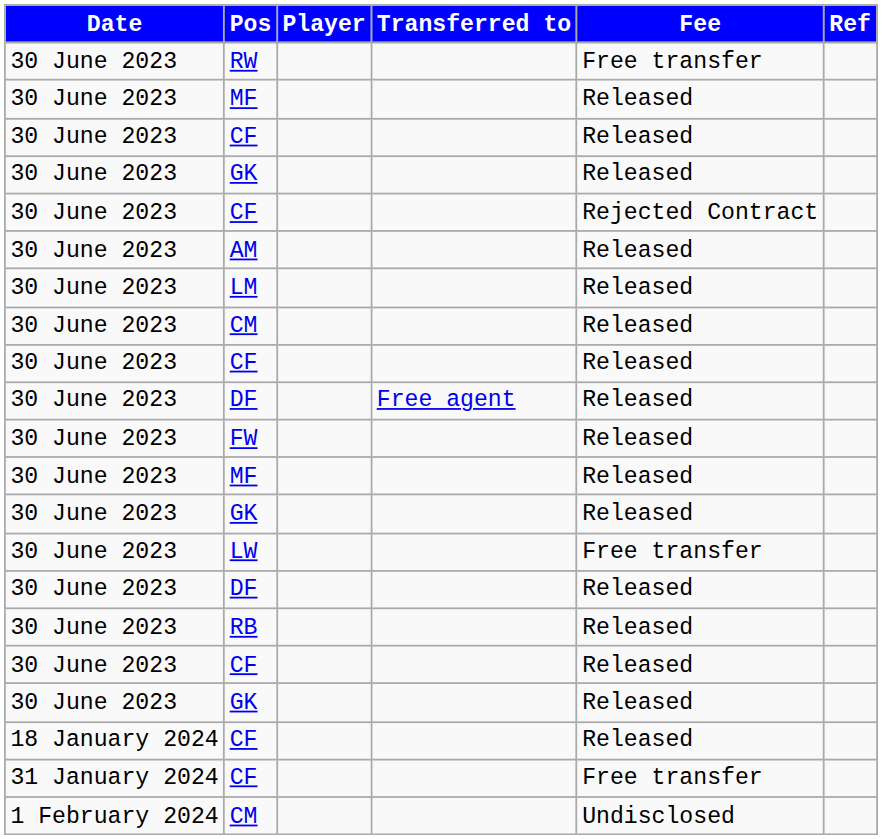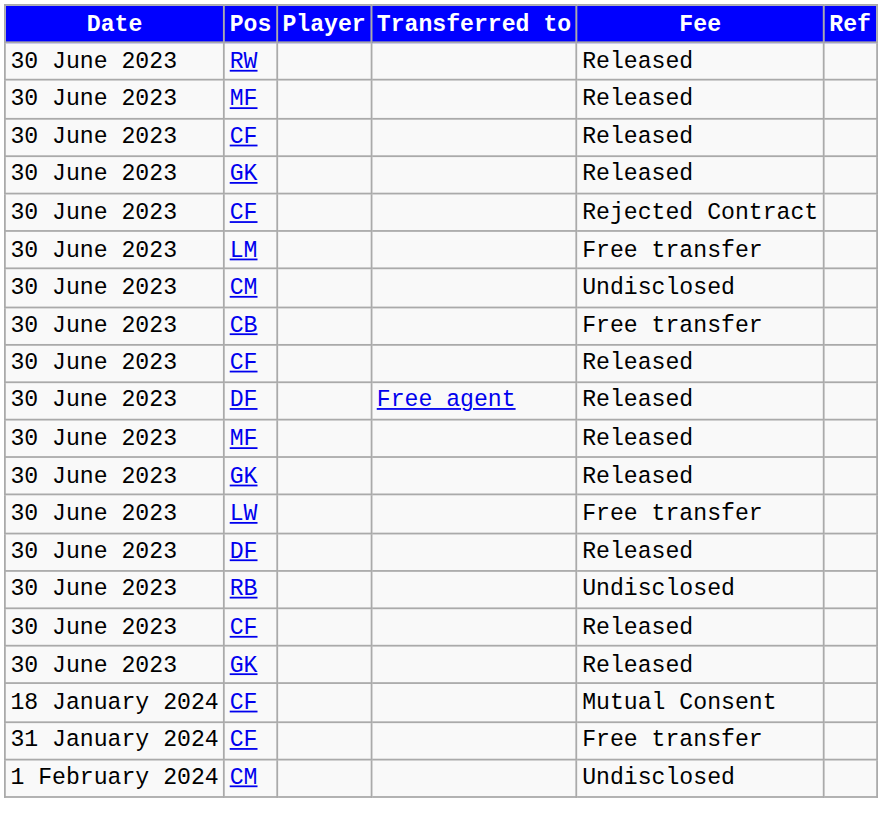 <table class="wikitable plainrowheaders sortable">
 <tr>
 <th style="background:#0000FF;color:white;">Date</th>
 <th style="background:#0000FF;color:white;">Pos</th>
 <th style="background:#0000FF;color:white;">Player</th>
 <th style="background:#0000FF;color:white;">Transferred to</th>
 <th style="background:#0000FF;color:white;">Fee</th>
 <th style="background:#0000FF;color:white;">Ref</th>
 </tr>
 <tr>
 <td>30 June 2023</td>
 <td><a href='#'>RW</a></td>
 <td></td>
 <td></td>
-<td>Free transfer</td>
+<td>Released</td>
 <td></td>
 </tr>
 <tr>
 <td>30 June 2023</td>
 <td><a href='#'>MF</a></td>
 <td></td>
 <td></td>
 <td>Released</td>
 <td></td>
 </tr>
 <tr>
 <td>30 June 2023</td>
 <td><a href='#'>CF</a></td>
 <td></td>
 <td></td>
 <td>Released</td>
 <td></td>
 </tr>
 <tr>
 <td>30 June 2023</td>
 <td><a href='#'>GK</a></td>
 <td></td>
 <td></td>
 <td>Released</td>
 <td></td>
 </tr>
 <tr>
 <td>30 June 2023</td>
 <td><a href='#'>CF</a></td>
 <td></td>
 <td></td>
 <td>Rejected Contract</td>
 <td></td>
 </tr>
 <tr>
 <td>30 June 2023</td>
-<td><a href='#'>AM</a></td>
-<td></td>
-<td></td>
-<td>Released</td>
-<td></td>
-</tr>
-<tr>
-<td>30 June 2023</td>
 <td><a href='#'>LM</a></td>
 <td></td>
 <td></td>
-<td>Released</td>
+<td>Free transfer</td>
 <td></td>
 </tr>
 <tr>
 <td>30 June 2023</td>
 <td><a href='#'>CM</a></td>
 <td></td>
 <td></td>
-<td>Released</td>
+<td>Undisclosed</td>
+<td></td>
+</tr>
+<tr>
+<td>30 June 2023</td>
+<td><a href='#'>CB</a></td>
+<td></td>
+<td></td>
+<td>Free transfer</td>
 <td></td>
 </tr>
 <tr>
 <td>30 June 2023</td>
 <td><a href='#'>CF</a></td>
 <td></td>
 <td></td>
 <td>Released</td>
 <td></td>
 </tr>
 <tr>
 <td>30 June 2023</td>
 <td><a href='#'>DF</a></td>
 <td></td>
 <td><a href='#'>Free agent</a></td>
-<td>Released</td>
-<td></td>
-</tr>
-<tr>
-<td>30 June 2023</td>
-<td><a href='#'>FW</a></td>
-<td></td>
-<td></td>
 <td>Released</td>
 <td></td>
 </tr>
 <tr>
 <td>30 June 2023</td>
 <td><a href='#'>MF</a></td>
 <td></td>
 <td></td>
 <td>Released</td>
 <td></td>
 </tr>
 <tr>
 <td>30 June 2023</td>
 <td><a href='#'>GK</a></td>
 <td></td>
 <td></td>
 <td>Released</td>
 <td></td>
 </tr>
 <tr>
 <td>30 June 2023</td>
 <td><a href='#'>LW</a></td>
 <td></td>
 <td></td>
 <td>Free transfer</td>
 <td></td>
 </tr>
 <tr>
 <td>30 June 2023</td>
 <td><a href='#'>DF</a></td>
 <td></td>
 <td></td>
 <td>Released</td>
 <td></td>
 </tr>
 <tr>
 <td>30 June 2023</td>
 <td><a href='#'>RB</a></td>
 <td></td>
 <td></td>
-<td>Released</td>
+<td>Undisclosed</td>
 <td></td>
 </tr>
 <tr>
 <td>30 June 2023</td>
 <td><a href='#'>CF</a></td>
 <td></td>
 <td></td>
 <td>Released</td>
 <td></td>
 </tr>
 <tr>
 <td>30 June 2023</td>
 <td><a href='#'>GK</a></td>
 <td></td>
 <td></td>
 <td>Released</td>
 <td></td>
 </tr>
 <tr>
 <td>18 January 2024</td>
 <td><a href='#'>CF</a></td>
 <td></td>
 <td></td>
-<td>Released</td>
+<td>Mutual Consent</td>
 <td></td>
 </tr>
 <tr>
 <td>31 January 2024</td>
 <td><a href='#'>CF</a></td>
 <td></td>
 <td></td>
 <td>Free transfer</td>
 <td></td>
 </tr>
 <tr>
 <td>1 February 2024</td>
 <td><a href='#'>CM</a></td>
 <td></td>
 <td></td>
 <td>Undisclosed</td>
 <td></td>
 </tr>
 </table>
